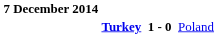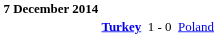 <table>
 <tr>
 <td><strong>7 December 2014</strong></td>
 </tr>
 <tr>
 <td></td>
 <td align=right><strong><a href='#'>Turkey</a></strong></td>
 <td></td>
-<td><strong>1 - 0</strong></td>
+<td>1 - 0</td>
 <td></td>
 <td><a href='#'>Poland</a></td>
 </tr>
 </table>
